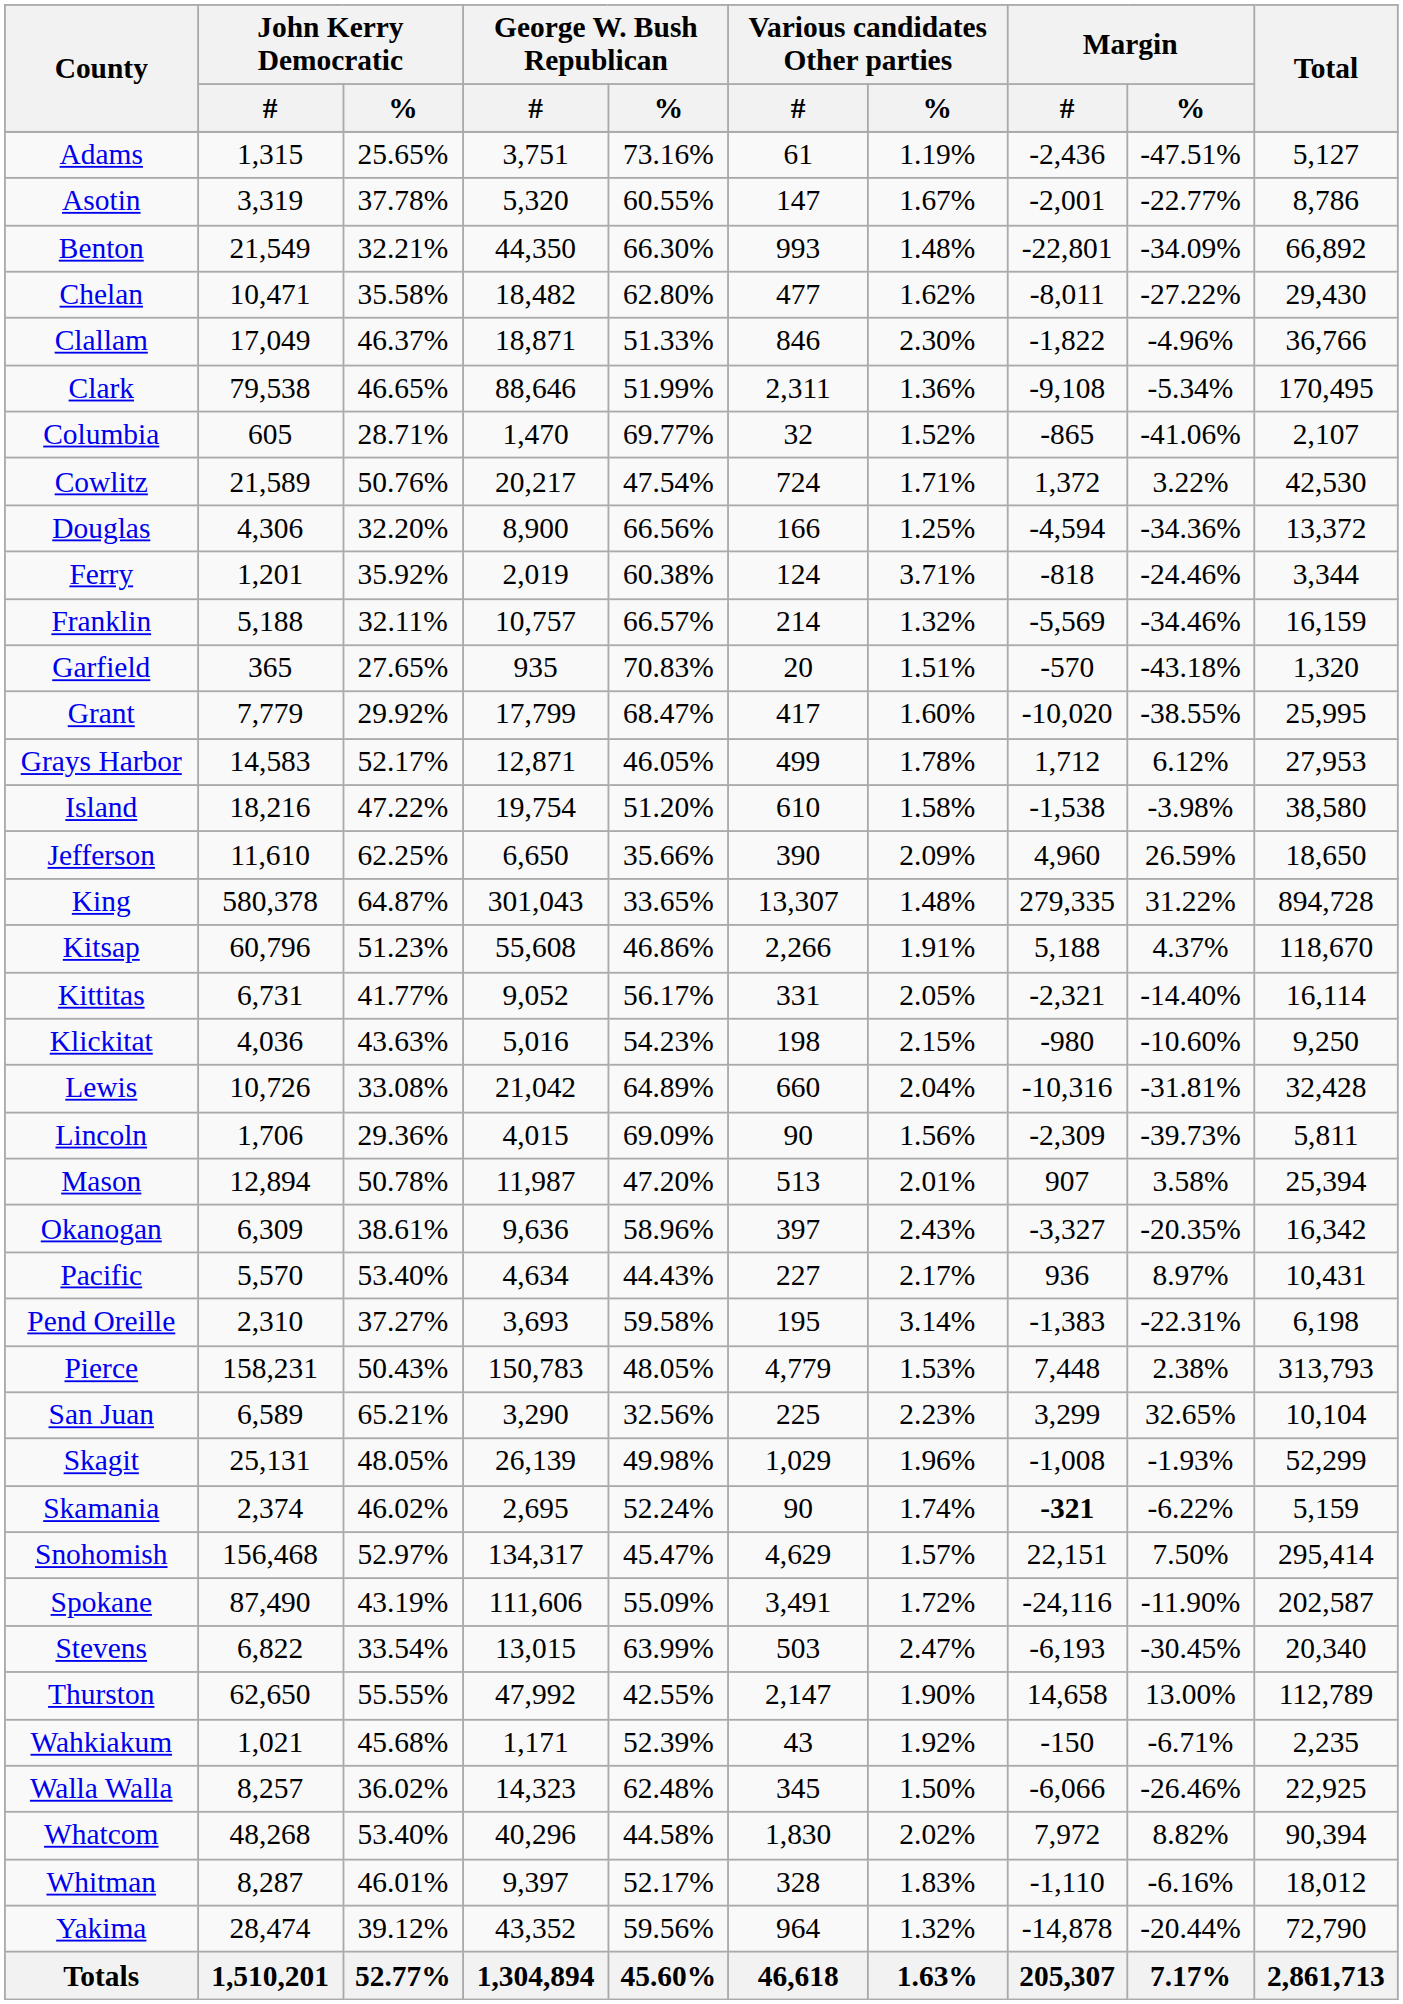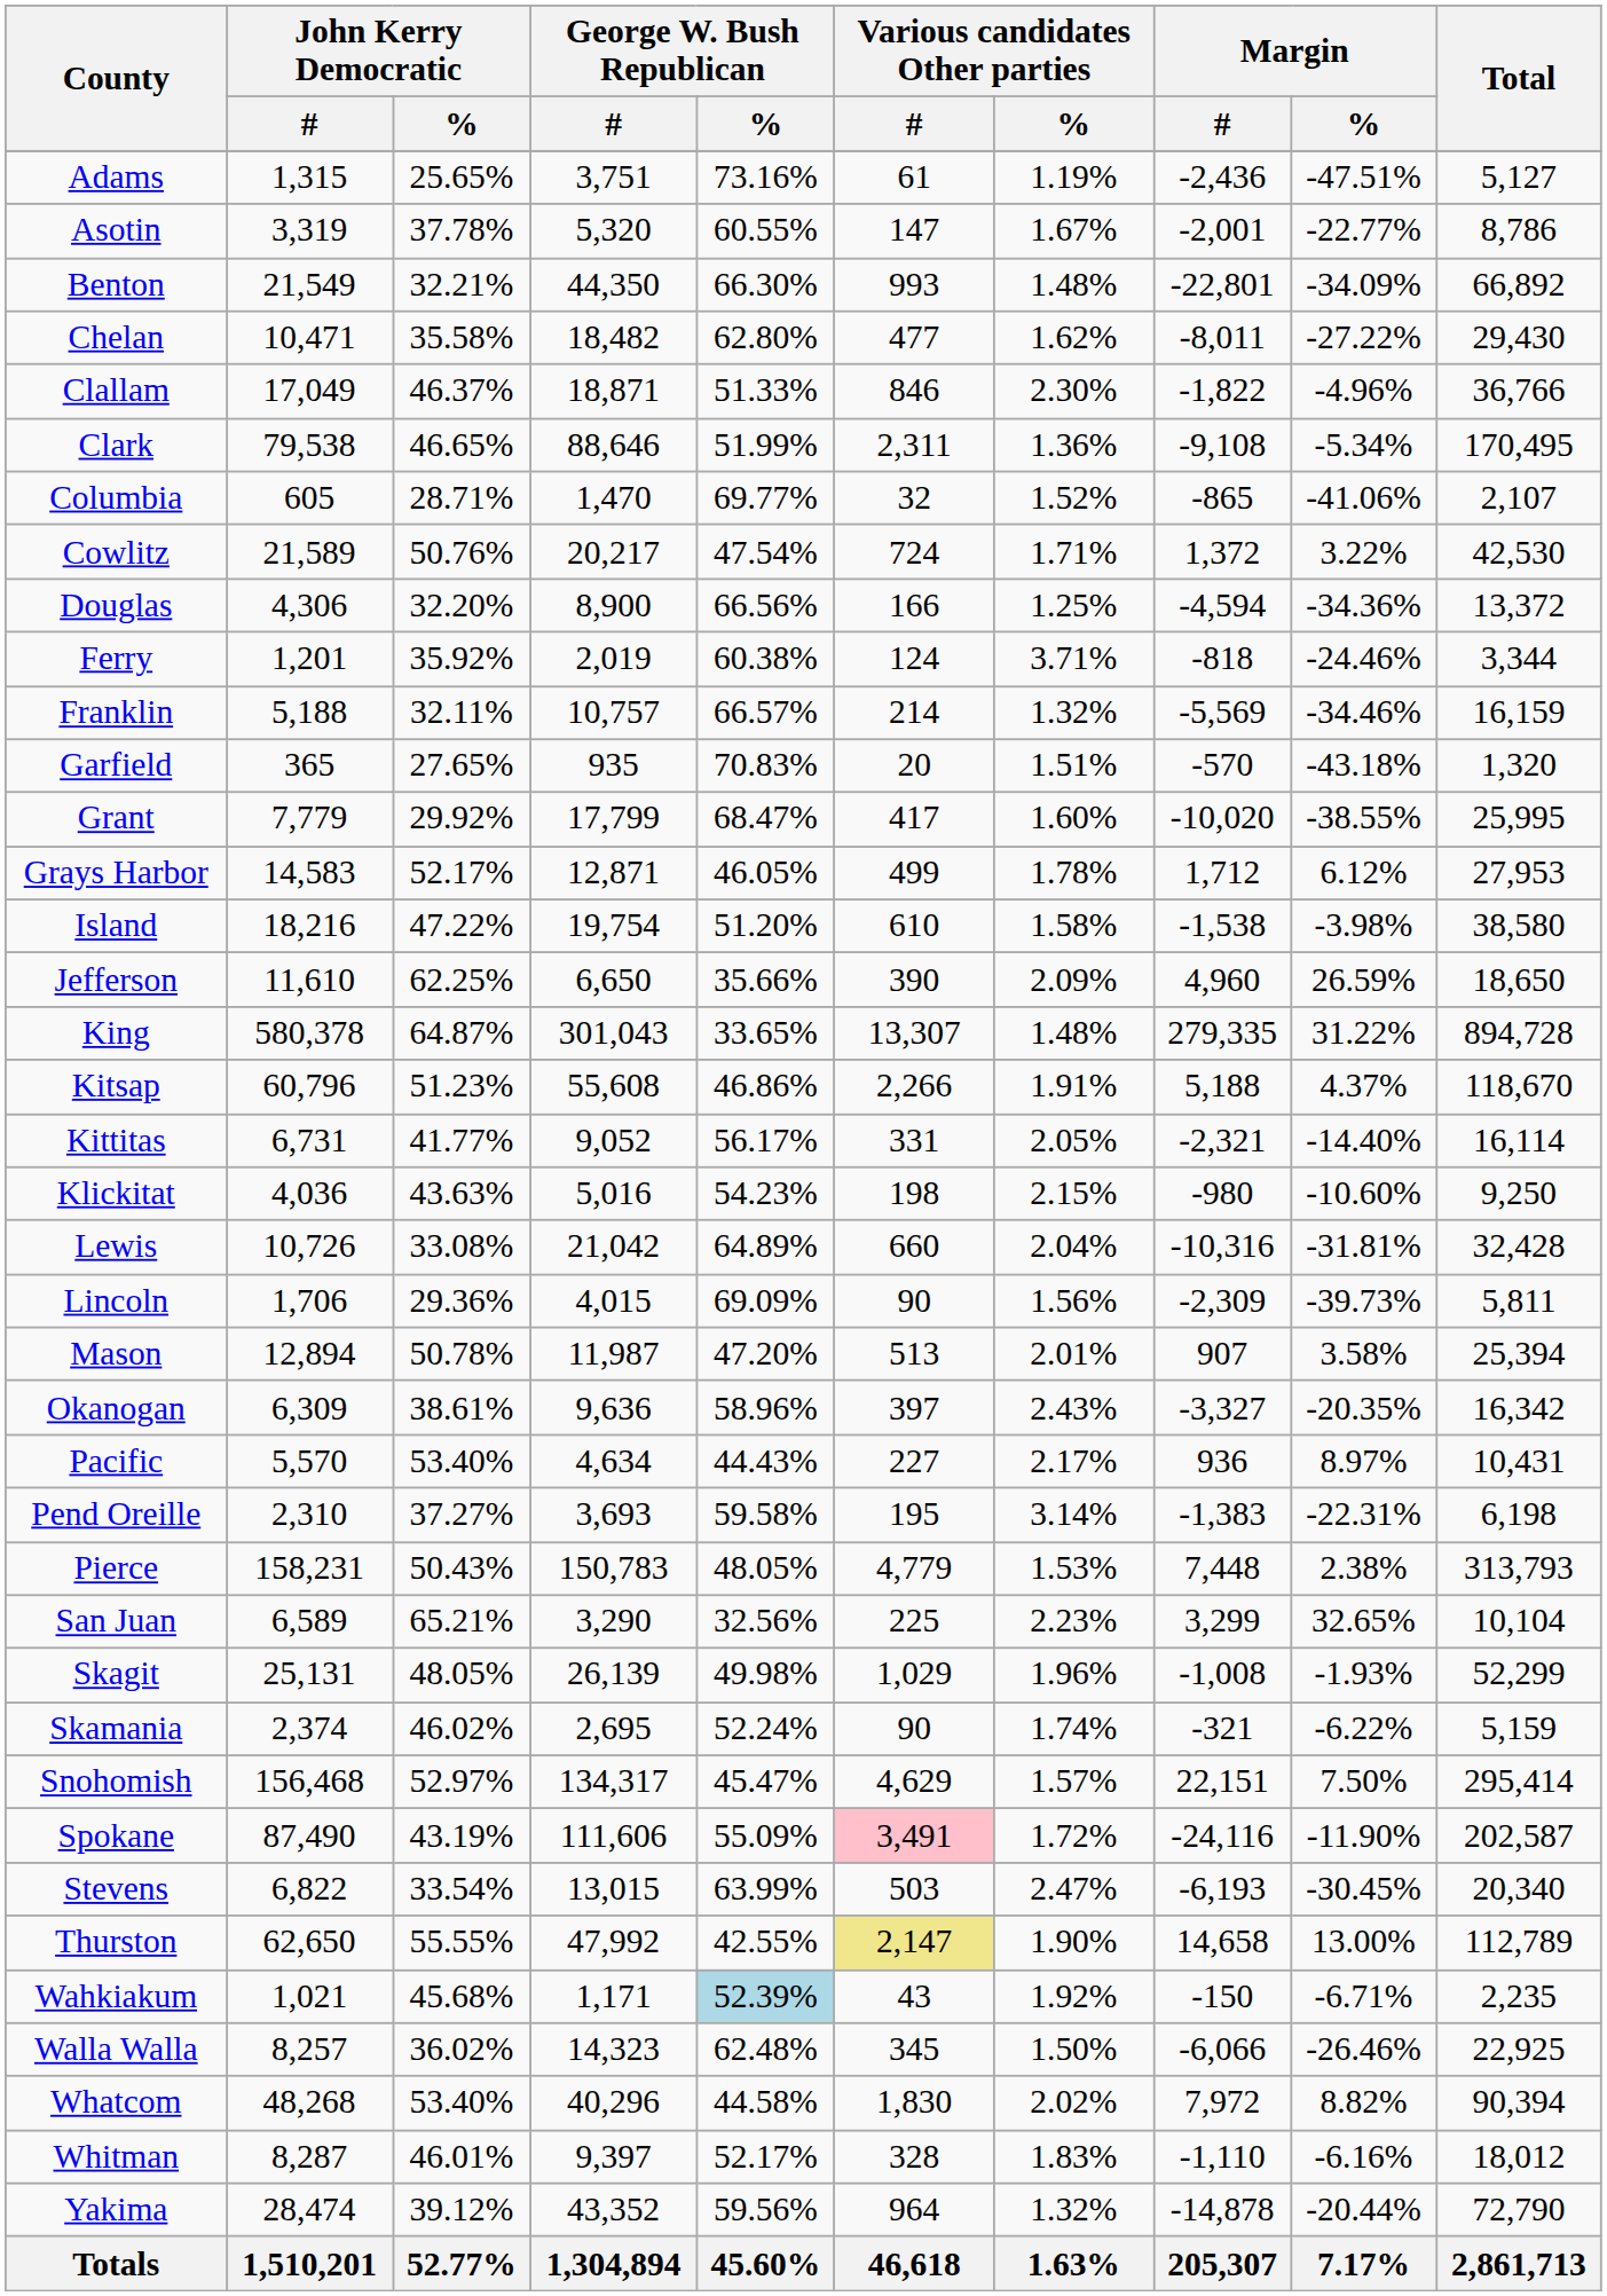 <table width="60%" class="wikitable sortable">
 <tr>
 <th rowspan="2">County</th>
 <th colspan="2">John Kerry<br>Democratic</th>
 <th colspan="2">George W. Bush<br>Republican</th>
 <th colspan="2">Various candidates<br>Other parties</th>
 <th colspan="2">Margin</th>
 <th rowspan="2">Total</th>
 </tr>
 <tr>
 <th style="text-align:center;" data-sort-type="number">#</th>
 <th style="text-align:center;" data-sort-type="number">%</th>
 <th style="text-align:center;" data-sort-type="number">#</th>
 <th style="text-align:center;" data-sort-type="number">%</th>
 <th style="text-align:center;" data-sort-type="number">#</th>
 <th style="text-align:center;" data-sort-type="number">%</th>
 <th style="text-align:center;" data-sort-type="number">#</th>
 <th style="text-align:center;" data-sort-type="number">%</th>
 </tr>
 <tr>
 </tr>
 <tr style="text-align:center;">
 <td><a href='#'>Adams</a></td>
 <td>1,315</td>
 <td>25.65%</td>
 <td>3,751</td>
 <td>73.16%</td>
 <td>61</td>
 <td>1.19%</td>
 <td>-2,436</td>
 <td>-47.51%</td>
 <td>5,127</td>
 </tr>
 <tr style="text-align:center;">
 <td><a href='#'>Asotin</a></td>
 <td>3,319</td>
 <td>37.78%</td>
 <td>5,320</td>
 <td>60.55%</td>
 <td>147</td>
 <td>1.67%</td>
 <td>-2,001</td>
 <td>-22.77%</td>
 <td>8,786</td>
 </tr>
 <tr style="text-align:center;">
 <td><a href='#'>Benton</a></td>
 <td>21,549</td>
 <td>32.21%</td>
 <td>44,350</td>
 <td>66.30%</td>
 <td>993</td>
 <td>1.48%</td>
 <td>-22,801</td>
 <td>-34.09%</td>
 <td>66,892</td>
 </tr>
 <tr style="text-align:center;">
 <td><a href='#'>Chelan</a></td>
 <td>10,471</td>
 <td>35.58%</td>
 <td>18,482</td>
 <td>62.80%</td>
 <td>477</td>
 <td>1.62%</td>
 <td>-8,011</td>
 <td>-27.22%</td>
 <td>29,430</td>
 </tr>
 <tr style="text-align:center;">
 <td><a href='#'>Clallam</a></td>
 <td>17,049</td>
 <td>46.37%</td>
 <td>18,871</td>
 <td>51.33%</td>
 <td>846</td>
 <td>2.30%</td>
 <td>-1,822</td>
 <td>-4.96%</td>
 <td>36,766</td>
 </tr>
 <tr style="text-align:center;">
 <td><a href='#'>Clark</a></td>
 <td>79,538</td>
 <td>46.65%</td>
 <td>88,646</td>
 <td>51.99%</td>
 <td>2,311</td>
 <td>1.36%</td>
 <td>-9,108</td>
 <td>-5.34%</td>
 <td>170,495</td>
 </tr>
 <tr style="text-align:center;">
 <td><a href='#'>Columbia</a></td>
 <td>605</td>
 <td>28.71%</td>
 <td>1,470</td>
 <td>69.77%</td>
 <td>32</td>
 <td>1.52%</td>
 <td>-865</td>
 <td>-41.06%</td>
 <td>2,107</td>
 </tr>
 <tr style="text-align:center;">
 <td><a href='#'>Cowlitz</a></td>
 <td>21,589</td>
 <td>50.76%</td>
 <td>20,217</td>
 <td>47.54%</td>
 <td>724</td>
 <td>1.71%</td>
 <td>1,372</td>
 <td>3.22%</td>
 <td>42,530</td>
 </tr>
 <tr style="text-align:center;">
 <td><a href='#'>Douglas</a></td>
 <td>4,306</td>
 <td>32.20%</td>
 <td>8,900</td>
 <td>66.56%</td>
 <td>166</td>
 <td>1.25%</td>
 <td>-4,594</td>
 <td>-34.36%</td>
 <td>13,372</td>
 </tr>
 <tr style="text-align:center;">
 <td><a href='#'>Ferry</a></td>
 <td>1,201</td>
 <td>35.92%</td>
 <td>2,019</td>
 <td>60.38%</td>
 <td>124</td>
 <td>3.71%</td>
 <td>-818</td>
 <td>-24.46%</td>
 <td>3,344</td>
 </tr>
 <tr style="text-align:center;">
 <td><a href='#'>Franklin</a></td>
 <td>5,188</td>
 <td>32.11%</td>
 <td>10,757</td>
 <td>66.57%</td>
 <td>214</td>
 <td>1.32%</td>
 <td>-5,569</td>
 <td>-34.46%</td>
 <td>16,159</td>
 </tr>
 <tr style="text-align:center;">
 <td><a href='#'>Garfield</a></td>
 <td>365</td>
 <td>27.65%</td>
 <td>935</td>
 <td>70.83%</td>
 <td>20</td>
 <td>1.51%</td>
 <td>-570</td>
 <td>-43.18%</td>
 <td>1,320</td>
 </tr>
 <tr style="text-align:center;">
 <td><a href='#'>Grant</a></td>
 <td>7,779</td>
 <td>29.92%</td>
 <td>17,799</td>
 <td>68.47%</td>
 <td>417</td>
 <td>1.60%</td>
 <td>-10,020</td>
 <td>-38.55%</td>
 <td>25,995</td>
 </tr>
 <tr style="text-align:center;">
 <td><a href='#'>Grays Harbor</a></td>
 <td>14,583</td>
 <td>52.17%</td>
 <td>12,871</td>
 <td>46.05%</td>
 <td>499</td>
 <td>1.78%</td>
 <td>1,712</td>
 <td>6.12%</td>
 <td>27,953</td>
 </tr>
 <tr style="text-align:center;">
 <td><a href='#'>Island</a></td>
 <td>18,216</td>
 <td>47.22%</td>
 <td>19,754</td>
 <td>51.20%</td>
 <td>610</td>
 <td>1.58%</td>
 <td>-1,538</td>
 <td>-3.98%</td>
 <td>38,580</td>
 </tr>
 <tr style="text-align:center;">
 <td><a href='#'>Jefferson</a></td>
 <td>11,610</td>
 <td>62.25%</td>
 <td>6,650</td>
 <td>35.66%</td>
 <td>390</td>
 <td>2.09%</td>
 <td>4,960</td>
 <td>26.59%</td>
 <td>18,650</td>
 </tr>
 <tr style="text-align:center;">
 <td><a href='#'>King</a></td>
 <td>580,378</td>
 <td>64.87%</td>
 <td>301,043</td>
 <td>33.65%</td>
 <td>13,307</td>
 <td>1.48%</td>
 <td>279,335</td>
 <td>31.22%</td>
 <td>894,728</td>
 </tr>
 <tr style="text-align:center;">
 <td><a href='#'>Kitsap</a></td>
 <td>60,796</td>
 <td>51.23%</td>
 <td>55,608</td>
 <td>46.86%</td>
 <td>2,266</td>
 <td>1.91%</td>
 <td>5,188</td>
 <td>4.37%</td>
 <td>118,670</td>
 </tr>
 <tr style="text-align:center;">
 <td><a href='#'>Kittitas</a></td>
 <td>6,731</td>
 <td>41.77%</td>
 <td>9,052</td>
 <td>56.17%</td>
 <td>331</td>
 <td>2.05%</td>
 <td>-2,321</td>
 <td>-14.40%</td>
 <td>16,114</td>
 </tr>
 <tr style="text-align:center;">
 <td><a href='#'>Klickitat</a></td>
 <td>4,036</td>
 <td>43.63%</td>
 <td>5,016</td>
 <td>54.23%</td>
 <td>198</td>
 <td>2.15%</td>
 <td>-980</td>
 <td>-10.60%</td>
 <td>9,250</td>
 </tr>
 <tr style="text-align:center;">
 <td><a href='#'>Lewis</a></td>
 <td>10,726</td>
 <td>33.08%</td>
 <td>21,042</td>
 <td>64.89%</td>
 <td>660</td>
 <td>2.04%</td>
 <td>-10,316</td>
 <td>-31.81%</td>
 <td>32,428</td>
 </tr>
 <tr style="text-align:center;">
 <td><a href='#'>Lincoln</a></td>
 <td>1,706</td>
 <td>29.36%</td>
 <td>4,015</td>
 <td>69.09%</td>
 <td>90</td>
 <td>1.56%</td>
 <td>-2,309</td>
 <td>-39.73%</td>
 <td>5,811</td>
 </tr>
 <tr style="text-align:center;">
 <td><a href='#'>Mason</a></td>
 <td>12,894</td>
 <td>50.78%</td>
 <td>11,987</td>
 <td>47.20%</td>
 <td>513</td>
 <td>2.01%</td>
 <td>907</td>
 <td>3.58%</td>
 <td>25,394</td>
 </tr>
 <tr style="text-align:center;">
 <td><a href='#'>Okanogan</a></td>
 <td>6,309</td>
 <td>38.61%</td>
 <td>9,636</td>
 <td>58.96%</td>
 <td>397</td>
 <td>2.43%</td>
 <td>-3,327</td>
 <td>-20.35%</td>
 <td>16,342</td>
 </tr>
 <tr style="text-align:center;">
 <td><a href='#'>Pacific</a></td>
 <td>5,570</td>
 <td>53.40%</td>
 <td>4,634</td>
 <td>44.43%</td>
 <td>227</td>
 <td>2.17%</td>
 <td>936</td>
 <td>8.97%</td>
 <td>10,431</td>
 </tr>
 <tr style="text-align:center;">
 <td><a href='#'>Pend Oreille</a></td>
 <td>2,310</td>
 <td>37.27%</td>
 <td>3,693</td>
 <td>59.58%</td>
 <td>195</td>
 <td>3.14%</td>
 <td>-1,383</td>
 <td>-22.31%</td>
 <td>6,198</td>
 </tr>
 <tr style="text-align:center;">
 <td><a href='#'>Pierce</a></td>
 <td>158,231</td>
 <td>50.43%</td>
 <td>150,783</td>
 <td>48.05%</td>
 <td>4,779</td>
 <td>1.53%</td>
 <td>7,448</td>
 <td>2.38%</td>
 <td>313,793</td>
 </tr>
 <tr style="text-align:center;">
 <td><a href='#'>San Juan</a></td>
 <td>6,589</td>
 <td>65.21%</td>
 <td>3,290</td>
 <td>32.56%</td>
 <td>225</td>
 <td>2.23%</td>
 <td>3,299</td>
 <td>32.65%</td>
 <td>10,104</td>
 </tr>
 <tr style="text-align:center;">
 <td><a href='#'>Skagit</a></td>
 <td>25,131</td>
 <td>48.05%</td>
 <td>26,139</td>
 <td>49.98%</td>
 <td>1,029</td>
 <td>1.96%</td>
 <td>-1,008</td>
 <td>-1.93%</td>
 <td>52,299</td>
 </tr>
 <tr style="text-align:center;">
 <td><a href='#'>Skamania</a></td>
 <td>2,374</td>
 <td>46.02%</td>
 <td>2,695</td>
 <td>52.24%</td>
 <td>90</td>
 <td>1.74%</td>
-<td><strong>-321</strong></td>
+<td>-321</td>
 <td>-6.22%</td>
 <td>5,159</td>
 </tr>
 <tr style="text-align:center;">
 <td><a href='#'>Snohomish</a></td>
 <td>156,468</td>
 <td>52.97%</td>
 <td>134,317</td>
 <td>45.47%</td>
 <td>4,629</td>
 <td>1.57%</td>
 <td>22,151</td>
 <td>7.50%</td>
 <td>295,414</td>
 </tr>
 <tr style="text-align:center;">
 <td><a href='#'>Spokane</a></td>
 <td>87,490</td>
 <td>43.19%</td>
 <td>111,606</td>
 <td>55.09%</td>
-<td>3,491</td>
+<td style="background: pink;">3,491</td>
 <td>1.72%</td>
 <td>-24,116</td>
 <td>-11.90%</td>
 <td>202,587</td>
 </tr>
 <tr style="text-align:center;">
 <td><a href='#'>Stevens</a></td>
 <td>6,822</td>
 <td>33.54%</td>
 <td>13,015</td>
 <td>63.99%</td>
 <td>503</td>
 <td>2.47%</td>
 <td>-6,193</td>
 <td>-30.45%</td>
 <td>20,340</td>
 </tr>
 <tr style="text-align:center;">
 <td><a href='#'>Thurston</a></td>
 <td>62,650</td>
 <td>55.55%</td>
 <td>47,992</td>
 <td>42.55%</td>
-<td>2,147</td>
+<td style="background: khaki;">2,147</td>
 <td>1.90%</td>
 <td>14,658</td>
 <td>13.00%</td>
 <td>112,789</td>
 </tr>
 <tr style="text-align:center;">
 <td><a href='#'>Wahkiakum</a></td>
 <td>1,021</td>
 <td>45.68%</td>
 <td>1,171</td>
-<td>52.39%</td>
+<td style="background: lightblue;">52.39%</td>
 <td>43</td>
 <td>1.92%</td>
 <td>-150</td>
 <td>-6.71%</td>
 <td>2,235</td>
 </tr>
 <tr style="text-align:center;">
 <td><a href='#'>Walla Walla</a></td>
 <td>8,257</td>
 <td>36.02%</td>
 <td>14,323</td>
 <td>62.48%</td>
 <td>345</td>
 <td>1.50%</td>
 <td>-6,066</td>
 <td>-26.46%</td>
 <td>22,925</td>
 </tr>
 <tr style="text-align:center;">
 <td><a href='#'>Whatcom</a></td>
 <td>48,268</td>
 <td>53.40%</td>
 <td>40,296</td>
 <td>44.58%</td>
 <td>1,830</td>
 <td>2.02%</td>
 <td>7,972</td>
 <td>8.82%</td>
 <td>90,394</td>
 </tr>
 <tr style="text-align:center;">
 <td><a href='#'>Whitman</a></td>
 <td>8,287</td>
 <td>46.01%</td>
 <td>9,397</td>
 <td>52.17%</td>
 <td>328</td>
 <td>1.83%</td>
 <td>-1,110</td>
 <td>-6.16%</td>
 <td>18,012</td>
 </tr>
 <tr style="text-align:center;">
 <td><a href='#'>Yakima</a></td>
 <td>28,474</td>
 <td>39.12%</td>
 <td>43,352</td>
 <td>59.56%</td>
 <td>964</td>
 <td>1.32%</td>
 <td>-14,878</td>
 <td>-20.44%</td>
 <td>72,790</td>
 </tr>
 <tr>
 <th>Totals</th>
 <th>1,510,201</th>
 <th>52.77%</th>
 <th>1,304,894</th>
 <th>45.60%</th>
 <th>46,618</th>
 <th>1.63%</th>
 <th>205,307</th>
 <th>7.17%</th>
 <th>2,861,713</th>
 </tr>
 </table>
